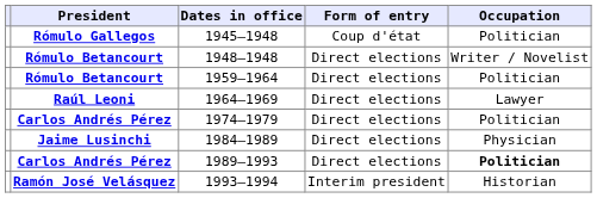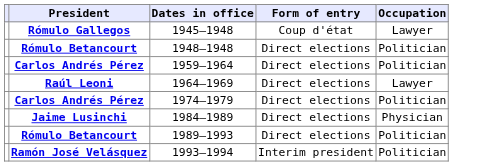 <table border=1 cellspacing=0 cellpadding=2 style="margin-left:30px; border-collapse:collapse; text-align:center;">
 <tr style="text-align:center; background:#e6e9ff;">
 <th></th>
 <th>President</th>
 <th>Dates in office</th>
 <th>Form of entry</th>
 <th>Occupation</th>
 </tr>
 <tr>
 <td></td>
 <td><strong><a href='#'>Rómulo Gallegos</a></strong></td>
 <td>1945–1948</td>
 <td>Coup d'état</td>
-<td>Politician</td>
+<td>Lawyer</td>
 </tr>
 <tr>
 <td></td>
 <td><strong><a href='#'>Rómulo Betancourt</a></strong></td>
 <td>1948–1948</td>
 <td>Direct elections</td>
-<td>Writer / Novelist</td>
+<td>Politician</td>
 </tr>
 <tr>
 <td></td>
-<td><strong><a href='#'>Rómulo Betancourt</a></strong></td>
+<td><strong><a href='#'>Carlos Andrés Pérez</a></strong></td>
 <td>1959–1964</td>
 <td>Direct elections</td>
 <td>Politician</td>
 </tr>
 <tr>
 <td></td>
 <td><strong><a href='#'>Raúl Leoni</a></strong></td>
 <td>1964–1969</td>
 <td>Direct elections</td>
 <td>Lawyer</td>
 </tr>
 <tr>
 <td></td>
 <td><strong><a href='#'>Carlos Andrés Pérez</a></strong></td>
 <td>1974–1979</td>
 <td>Direct elections</td>
 <td>Politician</td>
 </tr>
 <tr>
 <td></td>
 <td><strong><a href='#'>Jaime Lusinchi</a></strong></td>
 <td>1984–1989</td>
 <td>Direct elections</td>
 <td>Physician</td>
 </tr>
 <tr>
 <td></td>
-<td><strong><a href='#'>Carlos Andrés Pérez</a></strong></td>
+<td><strong><a href='#'>Rómulo Betancourt</a></strong></td>
 <td>1989–1993</td>
 <td>Direct elections</td>
-<td><strong>Politician</strong></td>
+<td>Politician</td>
 </tr>
 <tr>
 <td></td>
 <td><strong><a href='#'>Ramón José Velásquez</a></strong></td>
 <td>1993–1994</td>
 <td>Interim president</td>
-<td>Historian</td>
+<td>Politician</td>
 </tr>
 </table>
